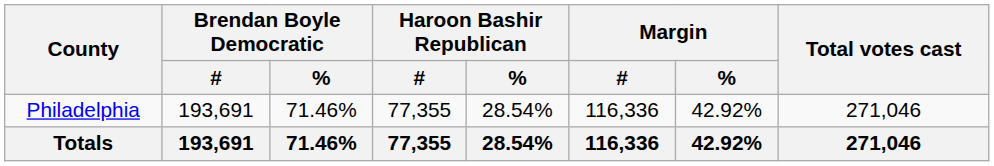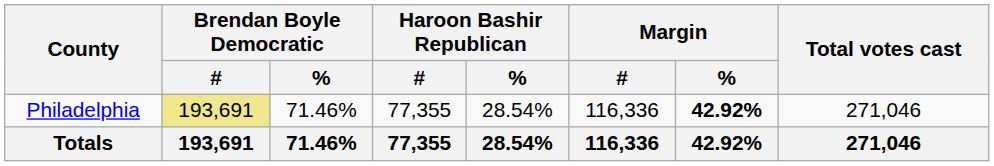 <table width="60%"  class="wikitable sortable" style="text-align:center">
 <tr>
 <th rowspan="2">County</th>
 <th style="text-align:center;" colspan="2">Brendan Boyle<br>Democratic</th>
 <th style="text-align:center;" colspan="2">Haroon Bashir<br>Republican</th>
 <th style="text-align:center;" colspan="2">Margin</th>
 <th rowspan="2" style="text-align:center;">Total votes cast</th>
 </tr>
 <tr>
 <th style="text-align:center;" data-sort-type="number">#</th>
 <th style="text-align:center;" data-sort-type="number">%</th>
 <th style="text-align:center;" data-sort-type="number">#</th>
 <th style="text-align:center;" data-sort-type="number">%</th>
 <th style="text-align:center;" data-sort-type="number">#</th>
 <th style="text-align:center;" data-sort-type="number">%</th>
 </tr>
 <tr style="text-align:center;">
 <td><a href='#'>Philadelphia</a></td>
-<td>193,691</td>
+<td style="background: khaki;">193,691</td>
 <td>71.46%</td>
 <td>77,355</td>
 <td>28.54%</td>
 <td>116,336</td>
-<td>42.92%</td>
+<td><strong>42.92%</strong></td>
 <td>271,046</td>
 </tr>
 <tr style="text-align:center;">
 <th>Totals</th>
 <th>193,691</th>
 <th>71.46%</th>
 <th>77,355</th>
 <th>28.54%</th>
 <th>116,336</th>
 <th>42.92%</th>
 <th>271,046</th>
 </tr>
 </table>
